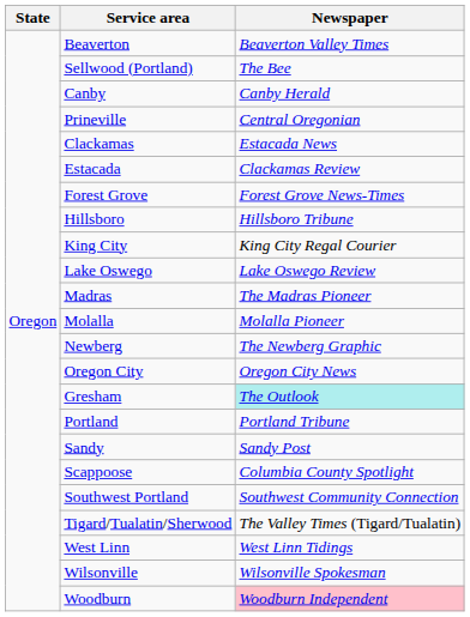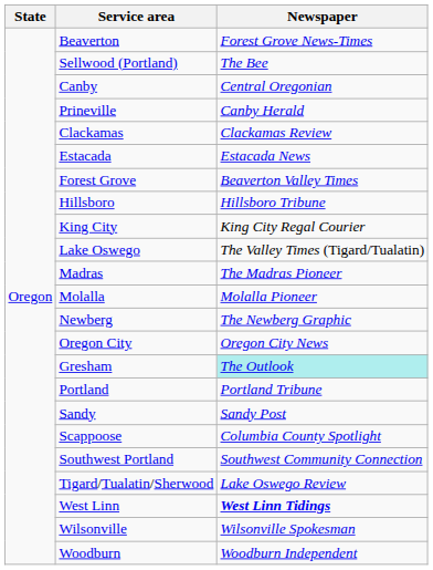 <table class="wikitable sortable">
 <tr>
 <th>State</th>
 <th>Service area</th>
 <th>Newspaper</th>
 </tr>
 <tr>
 <td rowspan="23"><a href='#'>Oregon</a></td>
 <td><a href='#'>Beaverton</a></td>
-<td><em><a href='#'>Beaverton Valley Times</a></em></td>
+<td><a href='#'><em>Forest Grove News-Times</em></a></td>
 </tr>
 <tr>
 <td><a href='#'>Sellwood (Portland)</a></td>
 <td><a href='#'><em>The Bee</em></a></td>
 </tr>
 <tr>
 <td><a href='#'>Canby</a></td>
+<td><em><a href='#'>Central Oregonian</a></em></td>
+</tr>
+<tr>
+<td><a href='#'>Prineville</a></td>
 <td><em><a href='#'>Canby Herald</a></em></td>
 </tr>
 <tr>
-<td><a href='#'>Prineville</a></td>
-<td><em><a href='#'>Central Oregonian</a></em></td>
+<td><a href='#'>Clackamas</a></td>
+<td><a href='#'><em>Clackamas Review</em></a></td>
 </tr>
 <tr>
-<td><a href='#'>Clackamas</a></td>
+<td><a href='#'>Estacada</a></td>
 <td><em><a href='#'>Estacada News</a></em></td>
 </tr>
 <tr>
-<td><a href='#'>Estacada</a></td>
-<td><a href='#'><em>Clackamas Review</em></a></td>
-</tr>
-<tr>
 <td><a href='#'>Forest Grove</a></td>
-<td><a href='#'><em>Forest Grove News-Times</em></a></td>
+<td><em><a href='#'>Beaverton Valley Times</a></em></td>
 </tr>
 <tr>
 <td><a href='#'>Hillsboro</a></td>
 <td><em><a href='#'>Hillsboro Tribune</a></em></td>
 </tr>
 <tr>
 <td><a href='#'>King City</a></td>
 <td><em>King City Regal Courier</em></td>
 </tr>
 <tr>
 <td><a href='#'>Lake Oswego</a></td>
-<td><em><a href='#'>Lake Oswego Review</a></em></td>
+<td><em>The Valley Times</em> (Tigard/Tualatin)</td>
 </tr>
 <tr>
 <td><a href='#'>Madras</a></td>
 <td><em><a href='#'>The Madras Pioneer</a></em></td>
 </tr>
 <tr>
 <td><a href='#'>Molalla</a></td>
 <td><em><a href='#'>Molalla Pioneer</a></em></td>
 </tr>
 <tr>
 <td><a href='#'>Newberg</a></td>
 <td><em><a href='#'>The Newberg Graphic</a></em></td>
 </tr>
 <tr>
 <td><a href='#'>Oregon City</a></td>
 <td><em><a href='#'>Oregon City News</a></em></td>
 </tr>
 <tr>
 <td><a href='#'>Gresham</a></td>
 <td style="background: paleturquoise;"><a href='#'><em>The Outlook</em></a></td>
 </tr>
 <tr>
 <td><a href='#'>Portland</a></td>
 <td><em><a href='#'>Portland Tribune</a></em></td>
 </tr>
 <tr>
 <td><a href='#'>Sandy</a></td>
 <td><em><a href='#'>Sandy Post</a></em></td>
 </tr>
 <tr>
 <td><a href='#'>Scappoose</a></td>
 <td><em><a href='#'>Columbia County Spotlight</a></em></td>
 </tr>
 <tr>
 <td><a href='#'>Southwest Portland</a></td>
 <td><em><a href='#'>Southwest Community Connection</a></em></td>
 </tr>
 <tr>
 <td><a href='#'>Tigard</a>/<a href='#'>Tualatin</a>/<a href='#'>Sherwood</a></td>
-<td><em>The Valley Times</em> (Tigard/Tualatin)</td>
+<td><em><a href='#'>Lake Oswego Review</a></em></td>
 </tr>
 <tr>
 <td><a href='#'>West Linn</a></td>
-<td><em><a href='#'>West Linn Tidings</a></em></td>
+<td><strong><em><a href='#'>West Linn Tidings</a></em></strong></td>
 </tr>
 <tr>
 <td><a href='#'>Wilsonville</a></td>
 <td><em><a href='#'>Wilsonville Spokesman</a></em></td>
 </tr>
 <tr>
 <td><a href='#'>Woodburn</a></td>
-<td style="background: pink;"><em><a href='#'>Woodburn Independent</a></em></td>
+<td><em><a href='#'>Woodburn Independent</a></em></td>
 </tr>
 </table>
